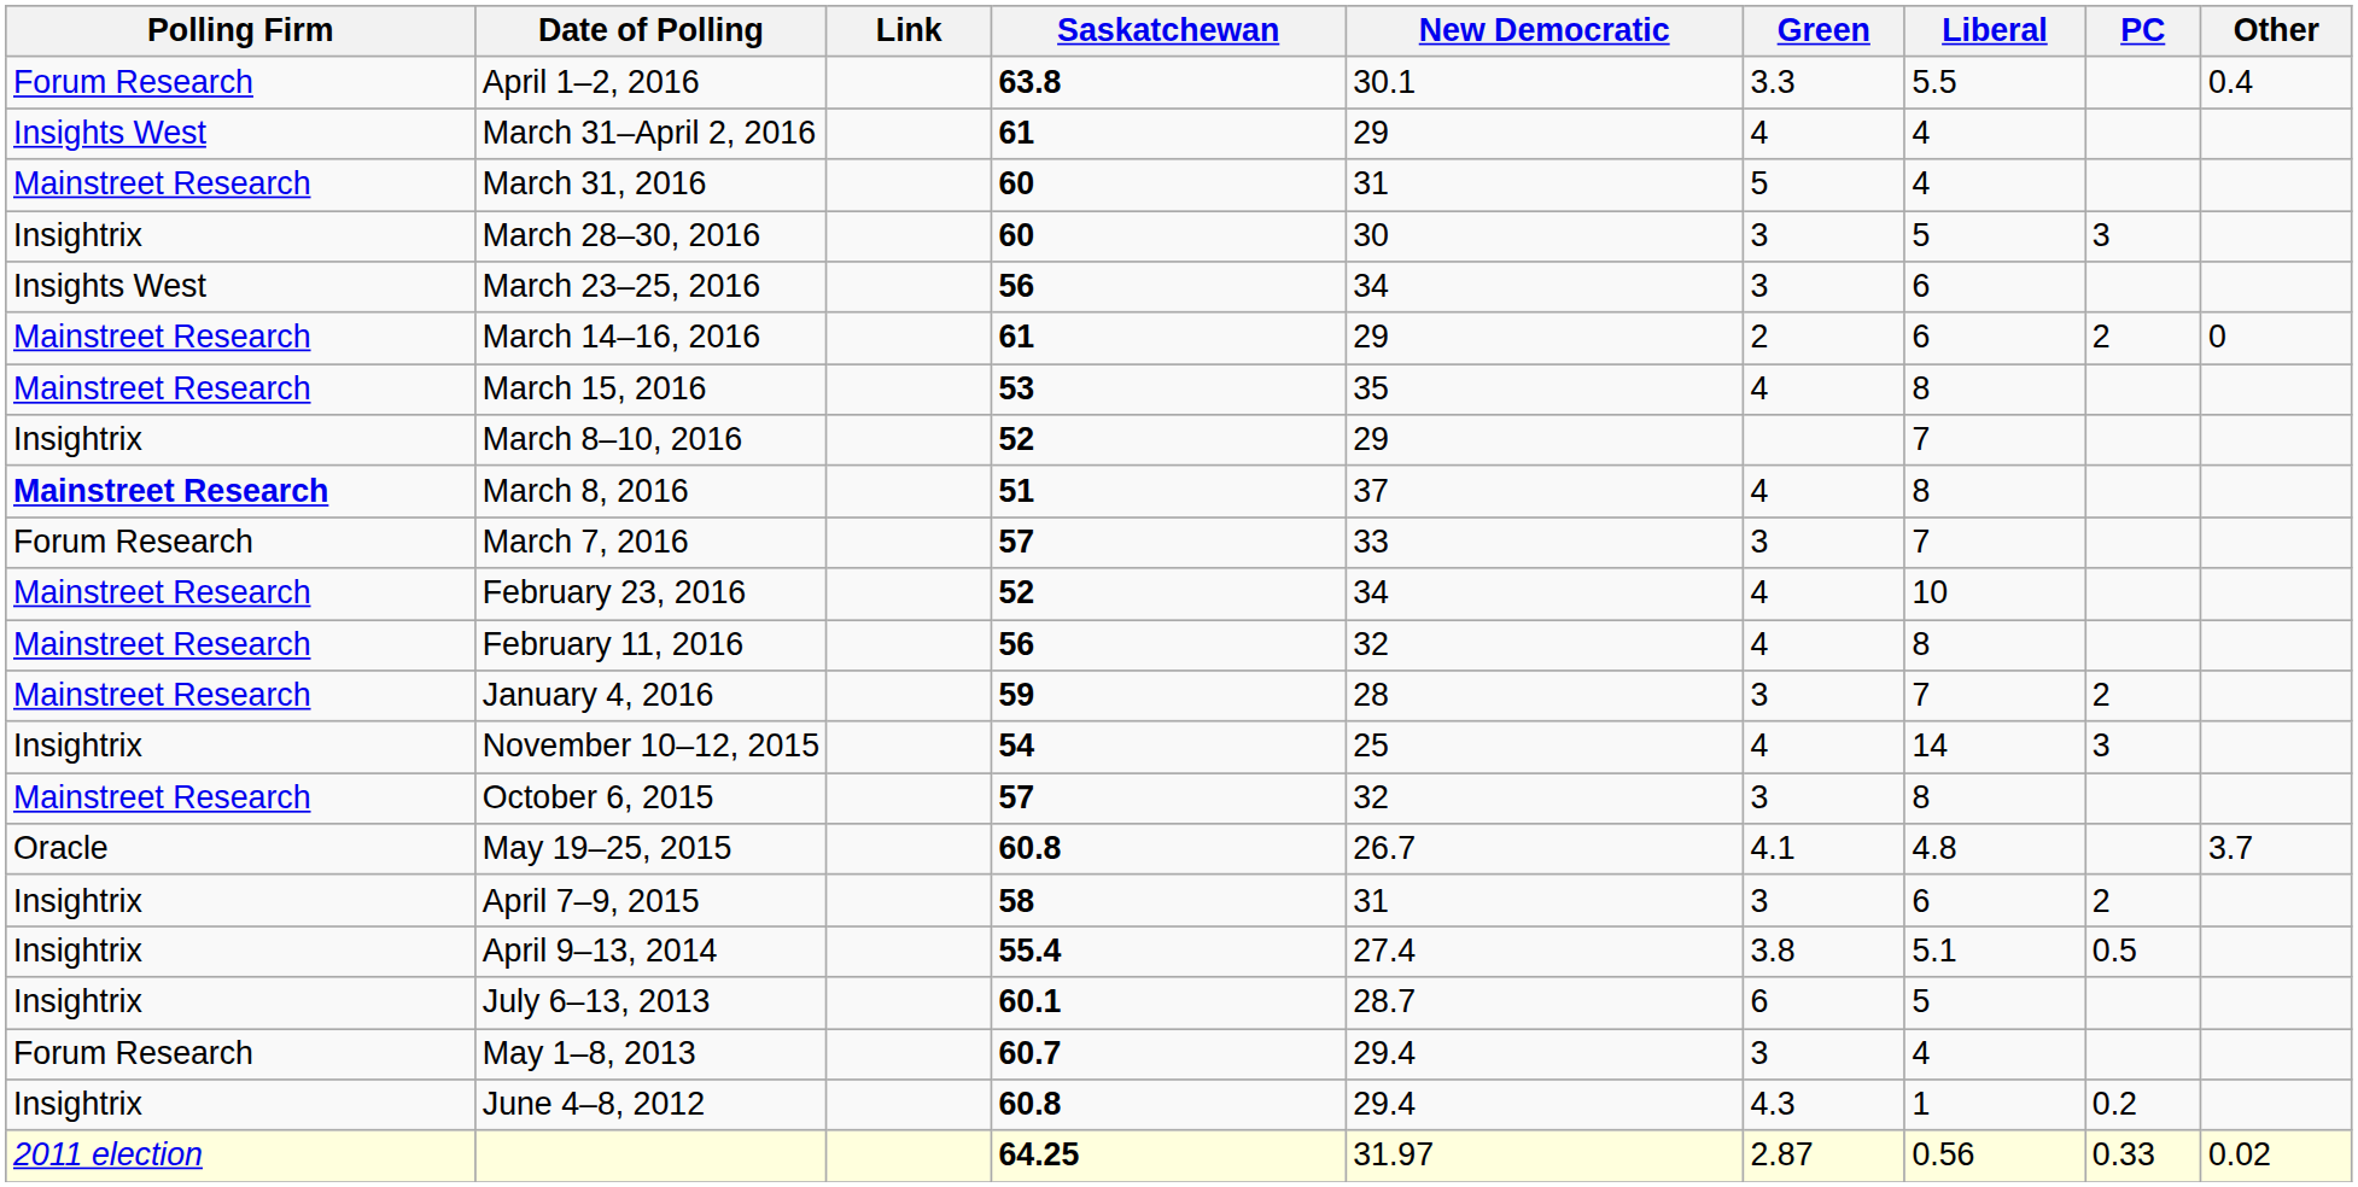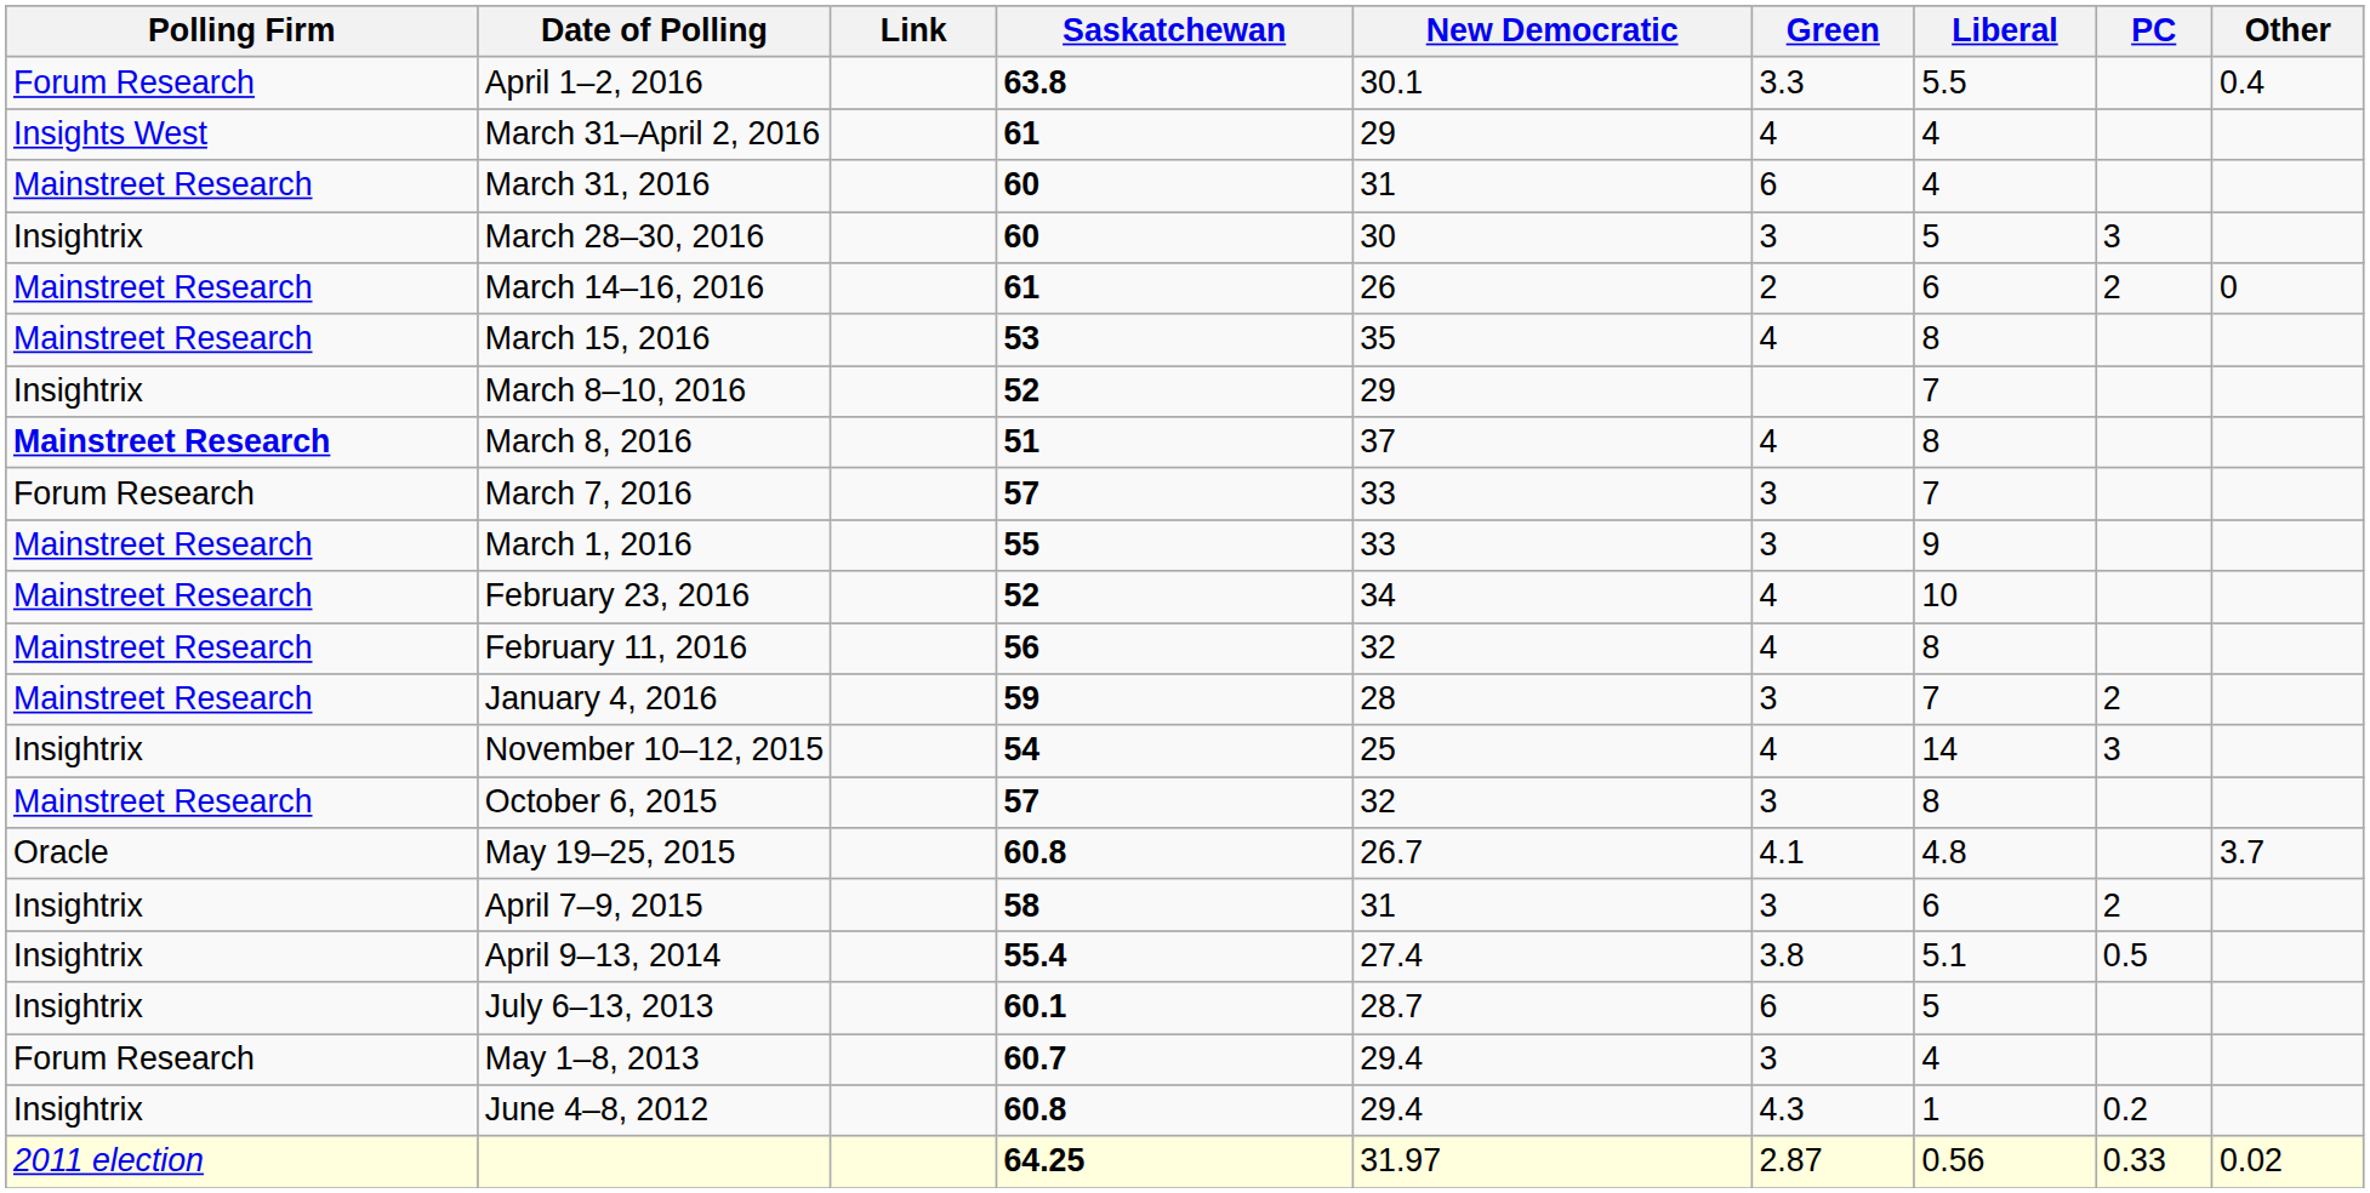 <table class="wikitable sortable">
 <tr style="background:#e9e9e9;">
 <th width=20%>Polling Firm</th>
 <th width=15%>Date of Polling</th>
 <th style="width:7%;" class="unsortable">Link</th>
 <th style="background-color:"><a href='#'>Saskatchewan</a></th>
 <th style="background-color:"><a href='#'>New Democratic</a></th>
 <th style="background-color:"><a href='#'>Green</a></th>
 <th style="background-color:"><a href='#'>Liberal</a></th>
 <th style="background-color:"><a href='#'>PC</a></th>
 <th style="background-color:">Other</th>
 </tr>
 <tr>
 <td><a href='#'>Forum Research</a></td>
 <td>April 1–2, 2016</td>
 <td></td>
 <td><strong>63.8</strong></td>
 <td>30.1</td>
 <td>3.3</td>
 <td>5.5</td>
 <td></td>
 <td>0.4</td>
 </tr>
 <tr>
 <td><a href='#'>Insights West</a></td>
 <td>March 31–April 2, 2016</td>
 <td></td>
 <td><strong>61</strong></td>
 <td>29</td>
 <td>4</td>
 <td>4</td>
 <td></td>
 <td></td>
 </tr>
 <tr>
 <td><a href='#'>Mainstreet Research</a></td>
 <td>March 31, 2016</td>
 <td></td>
 <td><strong>60</strong></td>
 <td>31</td>
-<td>5</td>
+<td>6</td>
 <td>4</td>
 <td></td>
 <td></td>
 </tr>
 <tr>
 <td>Insightrix</td>
 <td>March 28–30, 2016</td>
 <td></td>
 <td><strong>60</strong></td>
 <td>30</td>
 <td>3</td>
 <td>5</td>
 <td>3</td>
 <td></td>
 </tr>
 <tr>
-<td>Insights West</td>
-<td>March 23–25, 2016</td>
-<td></td>
-<td><strong>56</strong></td>
-<td>34</td>
-<td>3</td>
-<td>6</td>
-<td></td>
-<td></td>
-</tr>
-<tr>
 <td><a href='#'>Mainstreet Research</a></td>
 <td>March 14–16, 2016</td>
 <td></td>
 <td><strong>61</strong></td>
-<td>29</td>
+<td>26</td>
 <td>2</td>
 <td>6</td>
 <td>2</td>
 <td>0</td>
 </tr>
 <tr>
 <td><a href='#'>Mainstreet Research</a></td>
 <td>March 15, 2016</td>
 <td></td>
 <td><strong>53</strong></td>
 <td>35</td>
 <td>4</td>
 <td>8</td>
 <td></td>
 <td></td>
 </tr>
 <tr>
 <td>Insightrix</td>
 <td>March 8–10, 2016</td>
 <td></td>
 <td><strong>52</strong></td>
 <td>29</td>
 <td></td>
 <td>7</td>
 <td></td>
 <td></td>
 </tr>
 <tr>
 <td><strong><a href='#'>Mainstreet Research</a></strong></td>
 <td>March 8, 2016</td>
 <td></td>
 <td><strong>51</strong></td>
 <td>37</td>
 <td>4</td>
 <td>8</td>
 <td></td>
 <td></td>
 </tr>
 <tr>
 <td>Forum Research</td>
 <td>March 7, 2016</td>
 <td></td>
 <td><strong>57</strong></td>
 <td>33</td>
 <td>3</td>
 <td>7</td>
+<td></td>
+<td></td>
+</tr>
+<tr>
+<td><a href='#'>Mainstreet Research</a></td>
+<td>March 1, 2016</td>
+<td></td>
+<td><strong>55</strong></td>
+<td>33</td>
+<td>3</td>
+<td>9</td>
 <td></td>
 <td></td>
 </tr>
 <tr>
 <td><a href='#'>Mainstreet Research</a></td>
 <td>February 23, 2016</td>
 <td></td>
 <td><strong>52</strong></td>
 <td>34</td>
 <td>4</td>
 <td>10</td>
 <td></td>
 <td></td>
 </tr>
 <tr>
 <td><a href='#'>Mainstreet Research</a></td>
 <td>February 11, 2016</td>
 <td></td>
 <td><strong>56</strong></td>
 <td>32</td>
 <td>4</td>
 <td>8</td>
 <td></td>
 <td></td>
 </tr>
 <tr>
 <td><a href='#'>Mainstreet Research</a></td>
 <td>January 4, 2016</td>
 <td></td>
 <td><strong>59</strong></td>
 <td>28</td>
 <td>3</td>
 <td>7</td>
 <td>2</td>
 <td></td>
 </tr>
 <tr>
 <td>Insightrix</td>
 <td>November 10–12, 2015</td>
 <td></td>
 <td><strong>54</strong></td>
 <td>25</td>
 <td>4</td>
 <td>14</td>
 <td>3</td>
 <td></td>
 </tr>
 <tr>
 <td><a href='#'>Mainstreet Research</a></td>
 <td>October 6, 2015</td>
 <td></td>
 <td><strong>57</strong></td>
 <td>32</td>
 <td>3</td>
 <td>8</td>
 <td></td>
 <td></td>
 </tr>
 <tr>
 <td>Oracle</td>
 <td>May 19–25, 2015</td>
 <td></td>
 <td><strong>60.8</strong></td>
 <td>26.7</td>
 <td>4.1</td>
 <td>4.8</td>
 <td></td>
 <td>3.7</td>
 </tr>
 <tr>
 <td>Insightrix</td>
 <td>April 7–9, 2015</td>
 <td></td>
 <td><strong>58</strong></td>
 <td>31</td>
 <td>3</td>
 <td>6</td>
 <td>2</td>
 <td></td>
 </tr>
 <tr>
 <td>Insightrix</td>
 <td>April 9–13, 2014</td>
 <td></td>
 <td><strong>55.4</strong></td>
 <td>27.4</td>
 <td>3.8</td>
 <td>5.1</td>
 <td>0.5</td>
 <td></td>
 </tr>
 <tr>
 <td>Insightrix</td>
 <td>July 6–13, 2013</td>
 <td></td>
 <td><strong>60.1</strong></td>
 <td>28.7</td>
 <td>6</td>
 <td>5</td>
 <td></td>
 <td></td>
 </tr>
 <tr>
 <td>Forum Research</td>
 <td>May 1–8, 2013</td>
 <td></td>
 <td><strong>60.7</strong></td>
 <td>29.4</td>
 <td>3</td>
 <td>4</td>
 <td></td>
 <td></td>
 </tr>
 <tr>
 <td>Insightrix</td>
 <td>June 4–8, 2012</td>
 <td></td>
 <td><strong>60.8</strong></td>
 <td>29.4</td>
 <td>4.3</td>
 <td 2.8>1</td>
 <td>0.2</td>
 <td></td>
 </tr>
 <tr>
 <td style="background:#ffd;"><em><a href='#'>2011 election</a></em></td>
 <td style="background:#ffd;"></td>
 <td style="background:#ffd;"></td>
 <td style="background:#ffd;"><strong>64.25</strong></td>
 <td style="background:#ffd;">31.97</td>
 <td style="background:#ffd;">2.87</td>
 <td style="background:#ffd;">0.56</td>
 <td style="background:#ffd;">0.33</td>
 <td style="background:#ffd;">0.02</td>
 </tr>
 </table>
